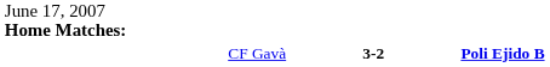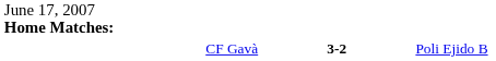 <table width=100% cellspacing=1>
 <tr>
 <th width=20%></th>
 <th width=12%></th>
 <th width=20%></th>
 <th></th>
 </tr>
 <tr>
 <td>June 17, 2007<br><strong>Home Matches:</strong></td>
 </tr>
 <tr style=font-size:90%>
 <td align=right><a href='#'>CF Gavà</a></td>
 <td align=center><strong>3-2</strong></td>
-<td><strong><a href='#'>Poli Ejido B</a></strong></td>
+<td><a href='#'>Poli Ejido B</a></td>
 </tr>
 </table>
